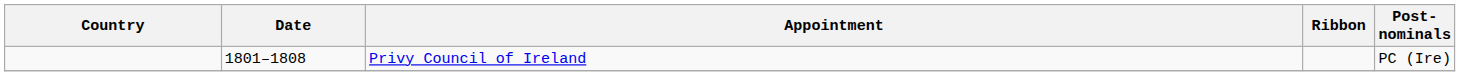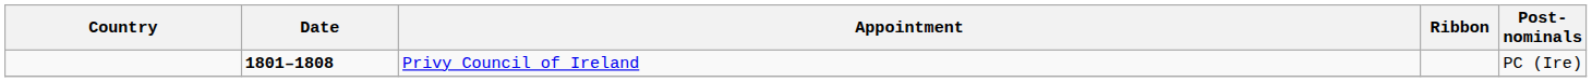 <table class="wikitable">
 <tr>
 <th style="width:15%;">Country</th>
 <th style="width:10%;">Date</th>
 <th style="width:65%;">Appointment</th>
 <th style="width:5%;">Ribbon</th>
 <th style="width:5%;">Post-nominals</th>
 </tr>
 <tr>
 <td></td>
-<td>1801–1808</td>
+<td><strong>1801–1808</strong></td>
 <td><a href='#'>Privy Council of Ireland</a></td>
 <td></td>
 <td>PC (Ire)</td>
 </tr>
 <tr>
 </tr>
 </table>
